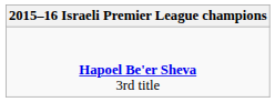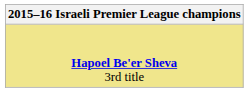 <table class=wikitable style="text-align:center; margin:auto">
 <tr>
 <th>2015–16 Israeli Premier League champions</th>
 </tr>
 <tr>
-<td><br><br> <strong><a href='#'>Hapoel Be'er Sheva</a></strong><br>3rd title</td>
+<td style="background: khaki;"><br><br> <strong><a href='#'>Hapoel Be'er Sheva</a></strong><br>3rd title</td>
 </tr>
 </table>
